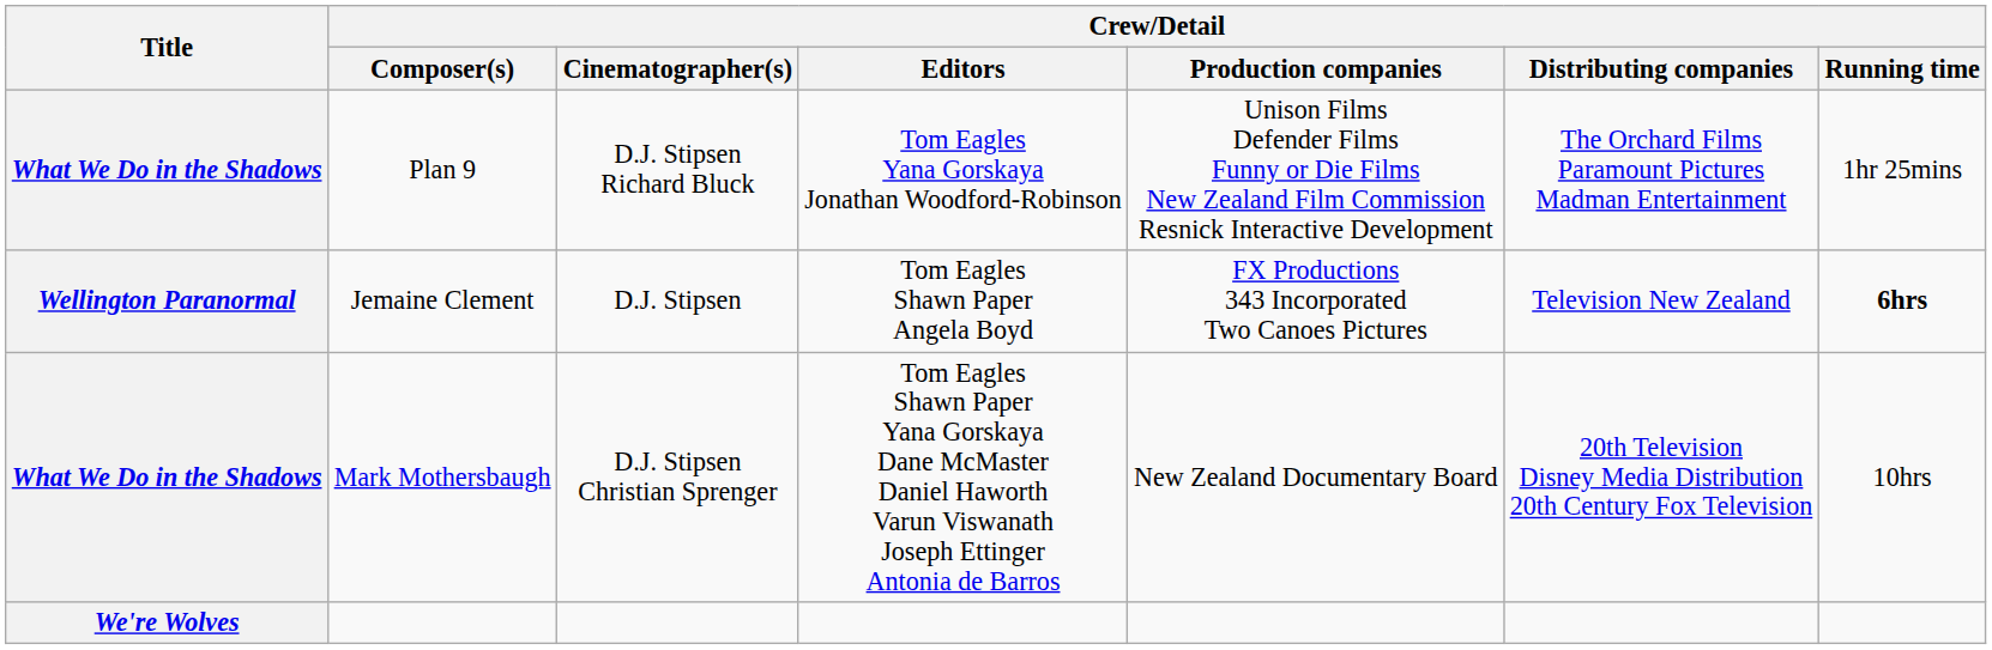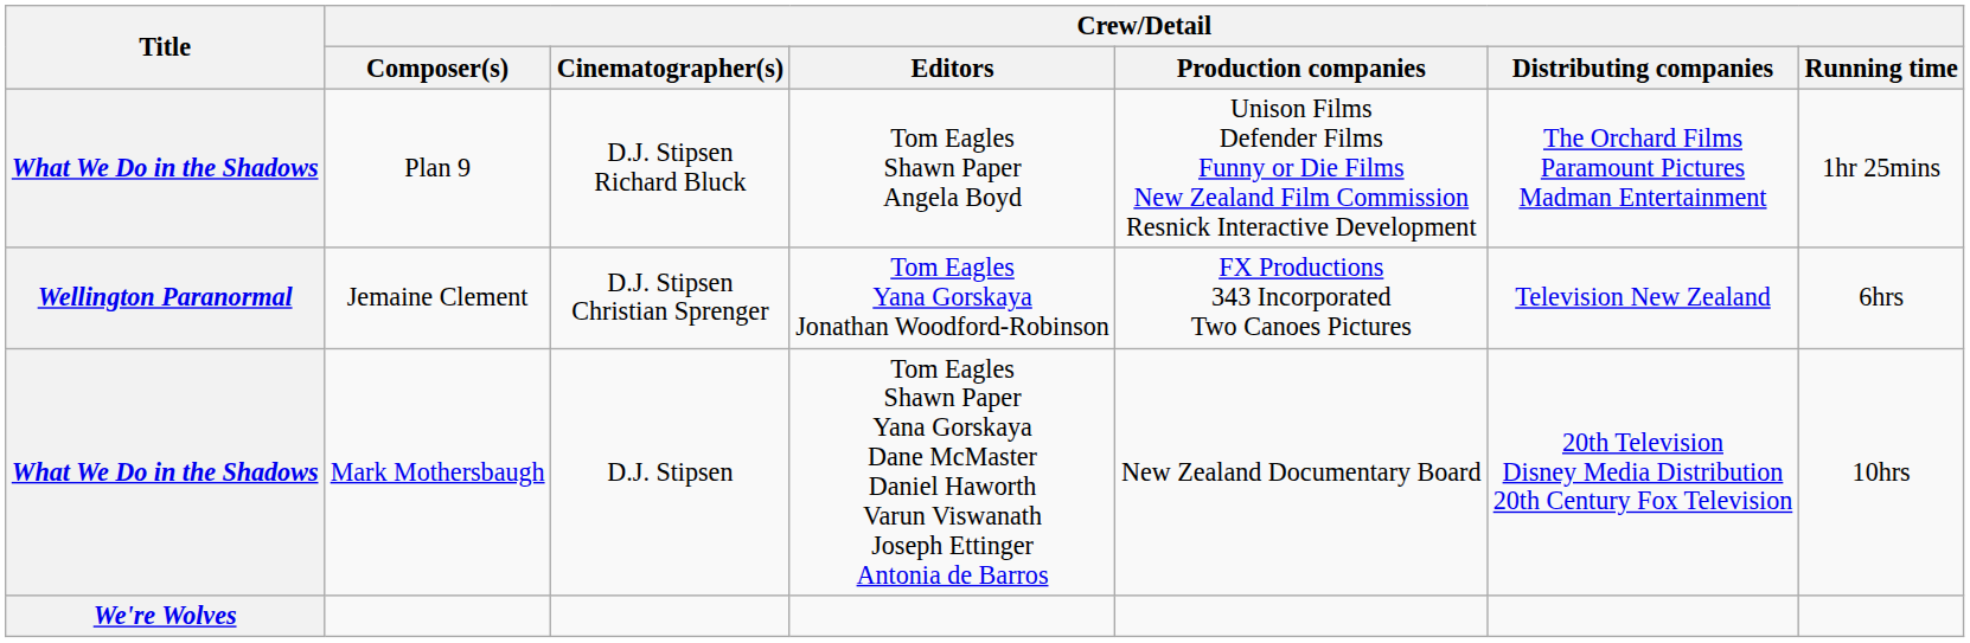 <table class="wikitable sortable" style="text-align:center;">
 <tr>
 <th rowspan="2">Title</th>
 <th colspan="7">Crew/Detail</th>
 </tr>
 <tr>
 <th style="text-align:center;">Composer(s)</th>
 <th style="text-align:center;">Cinematographer(s)</th>
 <th style="text-align:center;">Editors</th>
 <th style="text-align:center;">Production companies</th>
 <th style="text-align:center;">Distributing companies</th>
 <th style="text-align:center;">Running time</th>
 </tr>
 <tr>
 <th><em><a href='#'>What We Do in the Shadows</a></em></th>
 <td>Plan 9</td>
 <td>D.J. Stipsen<br>Richard Bluck</td>
-<td><a href='#'>Tom Eagles</a><br><a href='#'>Yana Gorskaya</a><br>Jonathan Woodford-Robinson</td>
+<td>Tom Eagles<br>Shawn Paper<br>Angela Boyd</td>
 <td>Unison Films<br>Defender Films<br><a href='#'>Funny or Die Films</a><br><a href='#'>New Zealand Film Commission</a><br>Resnick Interactive Development</td>
 <td><a href='#'>The Orchard Films</a><br><a href='#'>Paramount Pictures</a><br><a href='#'>Madman Entertainment</a></td>
 <td>1hr 25mins</td>
 </tr>
 <tr>
 <th><em><a href='#'>Wellington Paranormal</a></em></th>
 <td>Jemaine Clement</td>
-<td>D.J. Stipsen</td>
-<td>Tom Eagles<br>Shawn Paper<br>Angela Boyd</td>
+<td>D.J. Stipsen<br>Christian Sprenger</td>
+<td><a href='#'>Tom Eagles</a><br><a href='#'>Yana Gorskaya</a><br>Jonathan Woodford-Robinson</td>
 <td><a href='#'>FX Productions</a><br>343 Incorporated<br>Two Canoes Pictures</td>
 <td><a href='#'>Television New Zealand</a></td>
-<td><strong>6hrs</strong></td>
+<td>6hrs</td>
 </tr>
 <tr>
 <th><em><a href='#'>What We Do in the Shadows</a><br></em></th>
 <td><a href='#'>Mark Mothersbaugh</a></td>
-<td>D.J. Stipsen<br>Christian Sprenger</td>
+<td>D.J. Stipsen</td>
 <td>Tom Eagles<br>Shawn Paper<br>Yana Gorskaya<br>Dane McMaster<br>Daniel Haworth<br>Varun Viswanath<br>Joseph Ettinger<br><a href='#'>Antonia de Barros</a></td>
 <td>New Zealand Documentary Board</td>
 <td><a href='#'>20th Television</a><br><a href='#'>Disney Media Distribution</a><br><a href='#'>20th Century Fox Television</a></td>
 <td>10hrs</td>
 </tr>
 <tr>
 <th><em><a href='#'>We're Wolves</a></em></th>
 <td></td>
 <td></td>
 <td></td>
 <td></td>
 <td></td>
 <td></td>
 </tr>
 </table>
